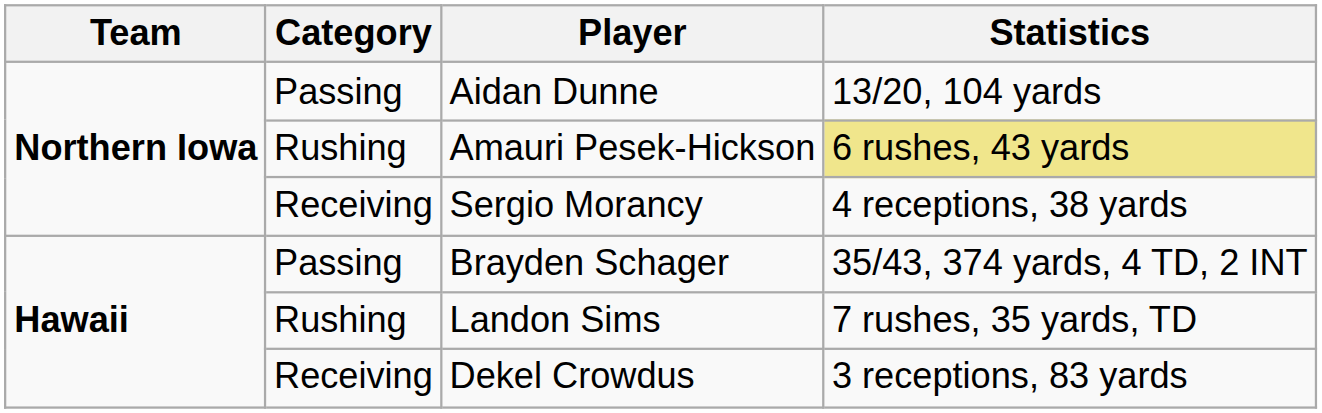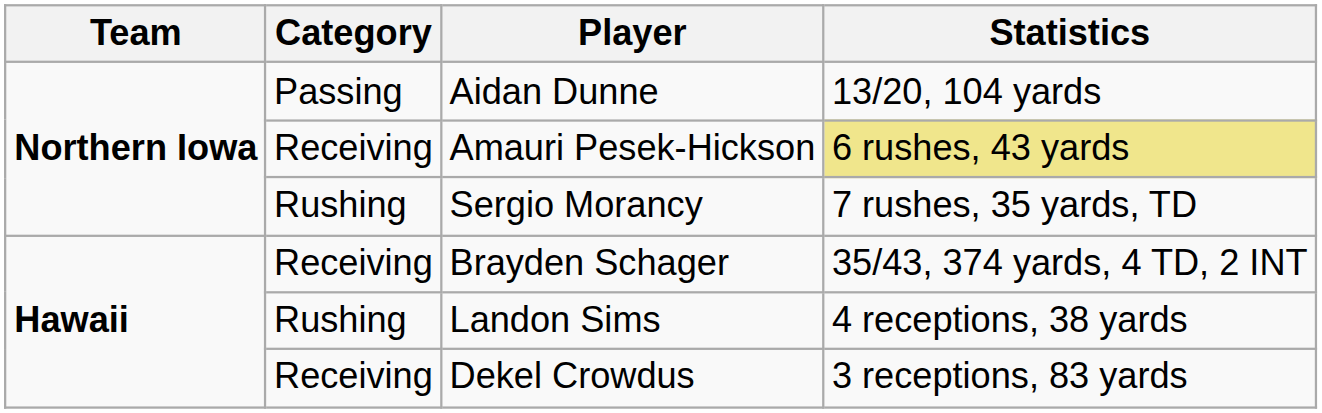 <table class="wikitable" style="float: right;">
 <tr>
 <th>Team</th>
 <th>Category</th>
 <th>Player</th>
 <th>Statistics</th>
 </tr>
 <tr>
 <td rowspan=3><strong>Northern Iowa</strong></td>
 <td>Passing</td>
 <td>Aidan Dunne</td>
 <td>13/20, 104 yards</td>
 </tr>
 <tr>
-<td>Rushing</td>
+<td>Receiving</td>
 <td>Amauri Pesek-Hickson</td>
 <td style="background: khaki;">6 rushes, 43 yards</td>
 </tr>
 <tr>
-<td>Receiving</td>
+<td>Rushing</td>
 <td>Sergio Morancy</td>
-<td>4 receptions, 38 yards</td>
+<td>7 rushes, 35 yards, TD</td>
 </tr>
 <tr>
 <td rowspan=3><strong>Hawaii</strong></td>
-<td>Passing</td>
+<td>Receiving</td>
 <td>Brayden Schager</td>
 <td>35/43, 374 yards, 4 TD, 2 INT</td>
 </tr>
 <tr>
 <td>Rushing</td>
 <td>Landon Sims</td>
-<td>7 rushes, 35 yards, TD</td>
+<td>4 receptions, 38 yards</td>
 </tr>
 <tr>
 <td>Receiving</td>
 <td>Dekel Crowdus</td>
 <td>3 receptions, 83 yards</td>
 </tr>
 </table>
